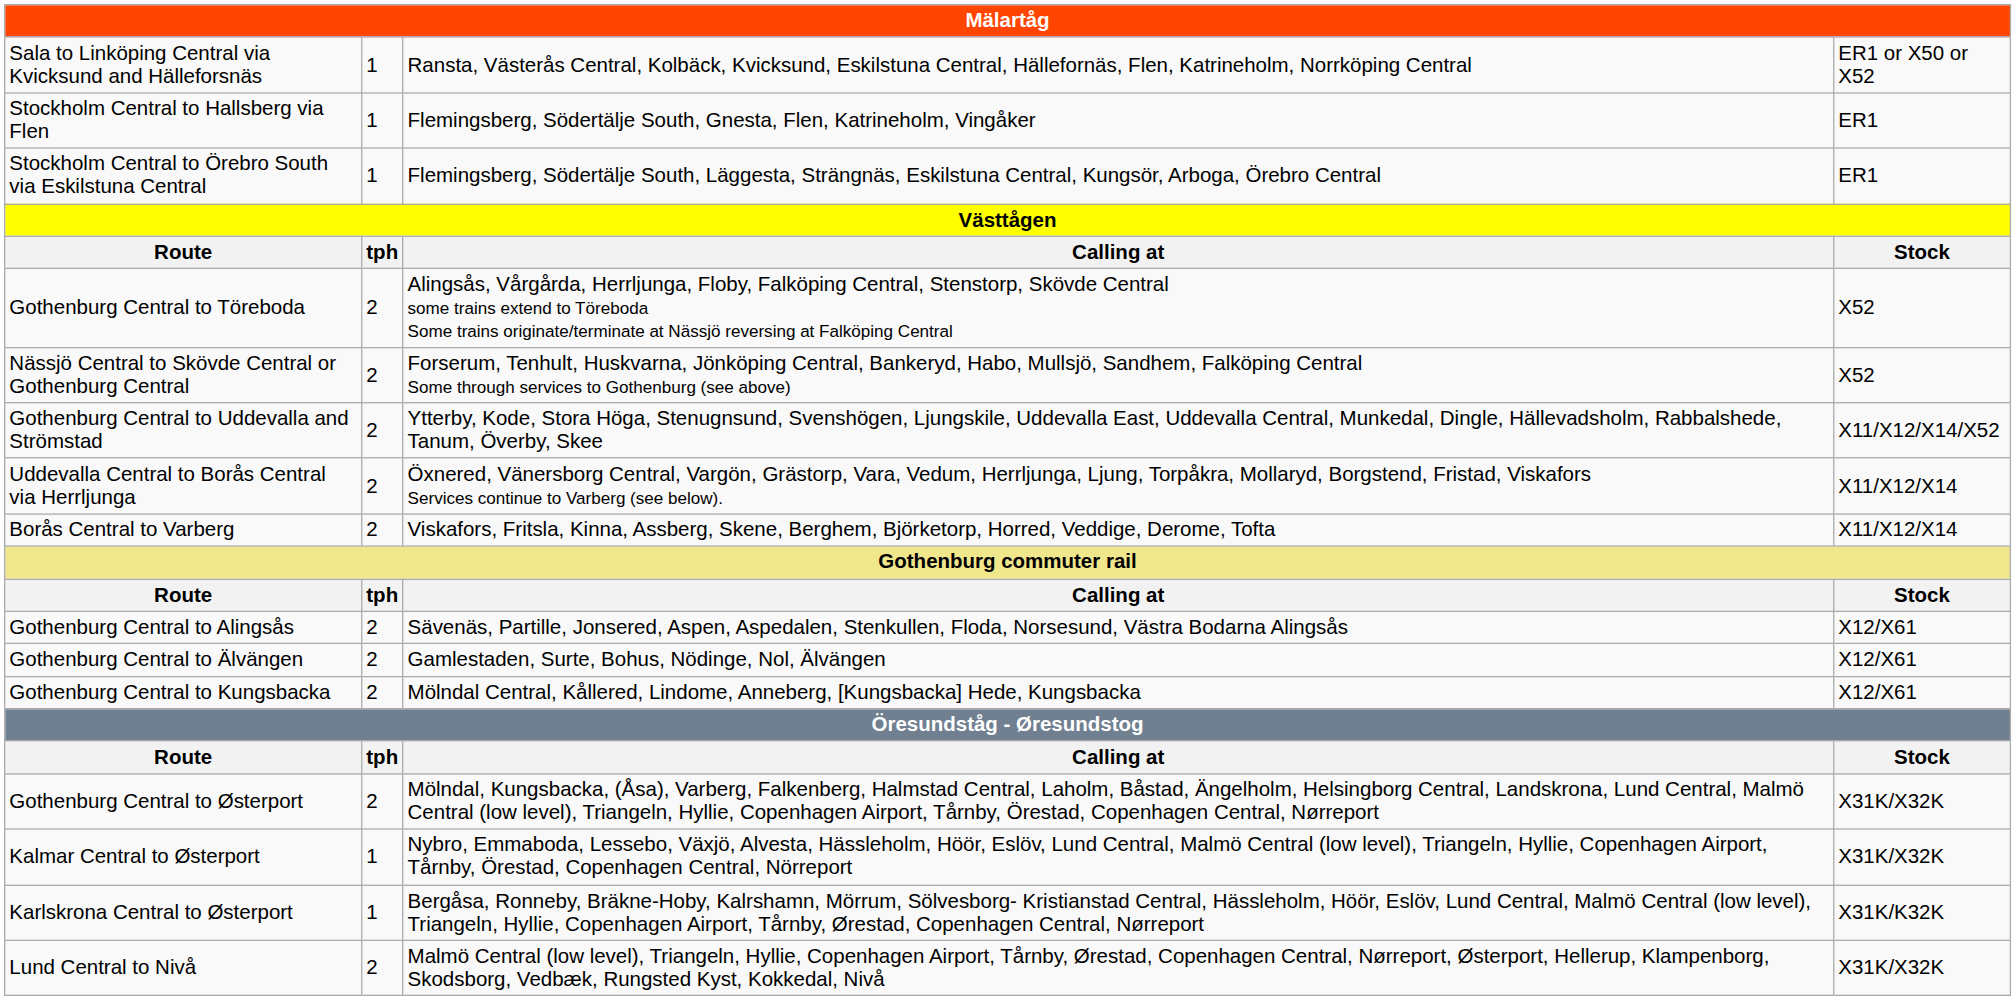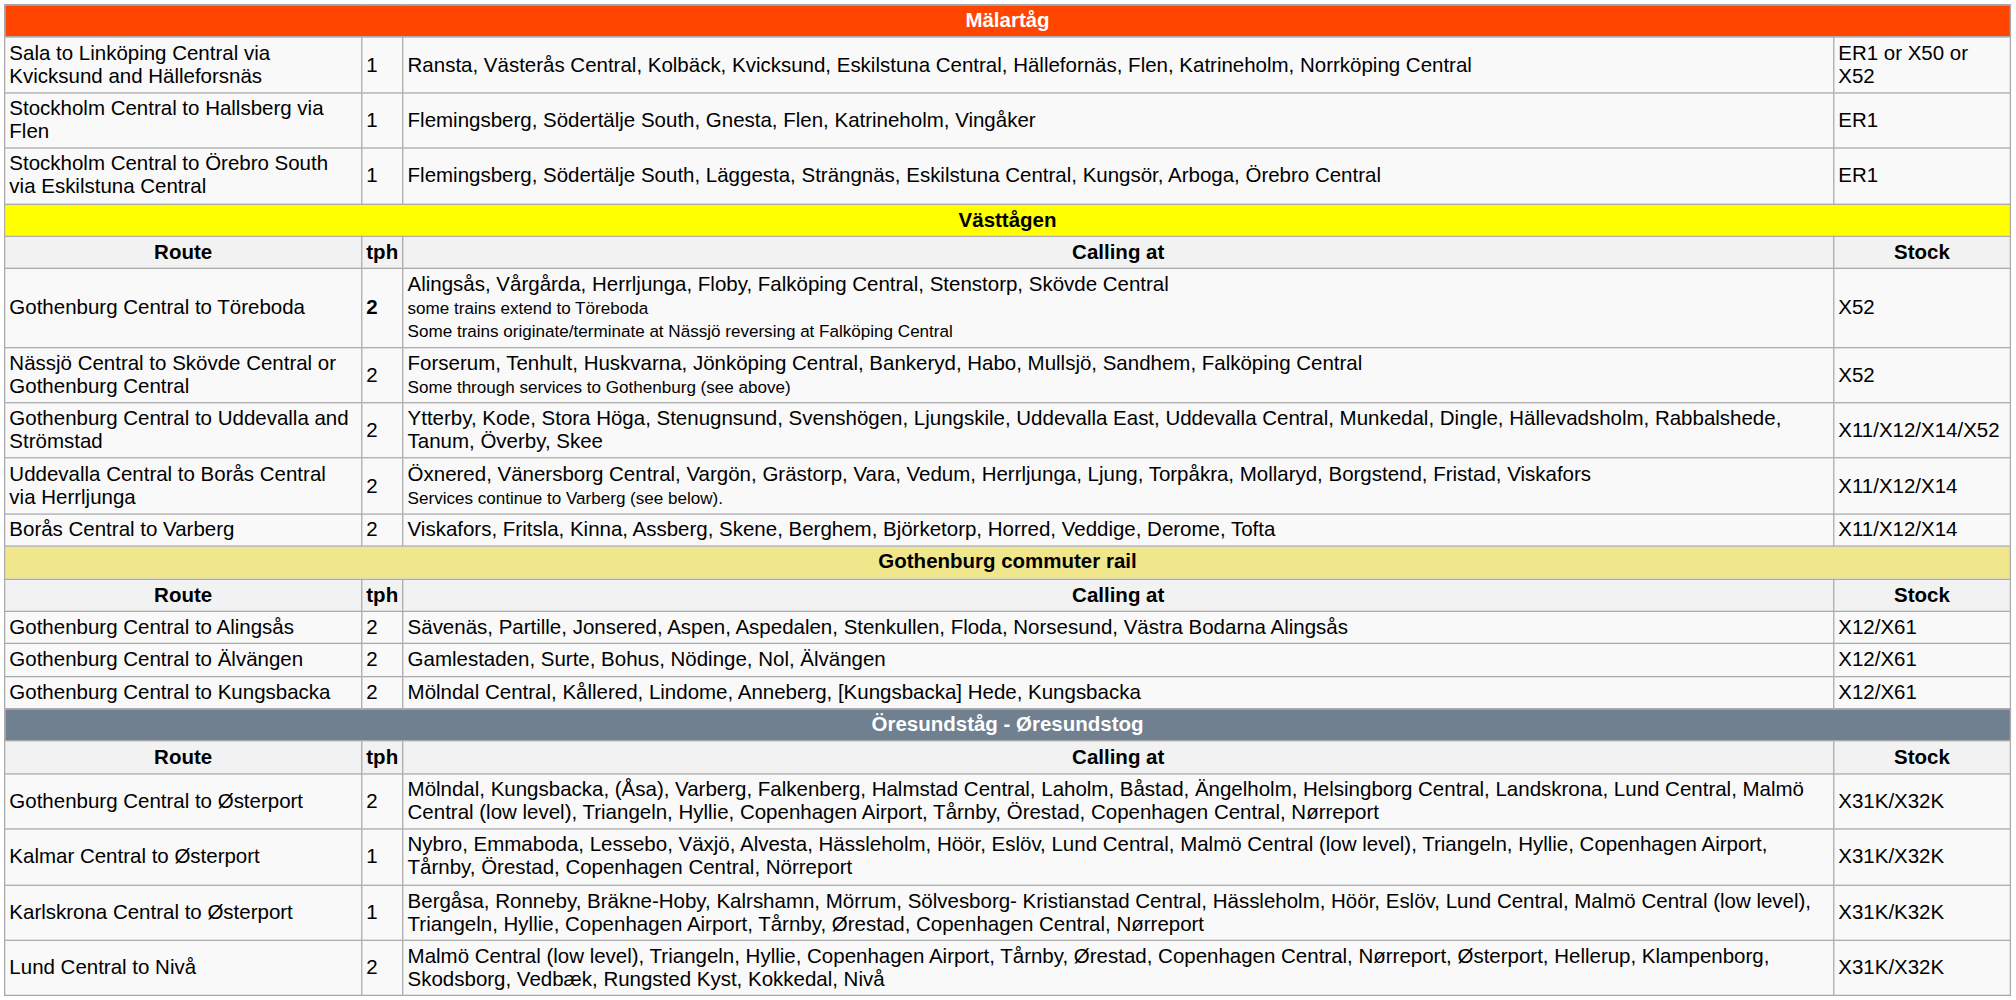 <table class="wikitable">
 <tr>
 <th colspan="5" style="background:OrangeRed; color:White">Mälartåg</th>
 </tr>
 <tr>
 <td>Sala to Linköping Central via Kvicksund and Hälleforsnäs</td>
 <td>1</td>
 <td colspan="2">Ransta, Västerås Central, Kolbäck, Kvicksund, Eskilstuna Central, Hällefornäs, Flen, Katrineholm, Norrköping Central</td>
 <td>ER1 or X50 or X52</td>
 </tr>
 <tr>
 <td>Stockholm Central to Hallsberg via Flen</td>
 <td>1</td>
 <td colspan="2">Flemingsberg, Södertälje South, Gnesta, Flen, Katrineholm, Vingåker</td>
 <td>ER1</td>
 </tr>
 <tr>
 <td>Stockholm Central to Örebro South via Eskilstuna Central</td>
 <td>1</td>
 <td colspan="2">Flemingsberg, Södertälje South, Läggesta, Strängnäs, Eskilstuna Central, Kungsör, Arboga, Örebro Central</td>
 <td>ER1</td>
 </tr>
 <tr>
 <th colspan="5" style="background:Yellow; color:Black">Västtågen</th>
 </tr>
 <tr>
 <th>Route</th>
 <th>tph</th>
 <th colspan="2">Calling at</th>
 <th>Stock</th>
 </tr>
 <tr>
 <td>Gothenburg Central to Töreboda</td>
-<td>2</td>
+<td><strong>2</strong></td>
 <td colspan="2">Alingsås, Vårgårda, Herrljunga, Floby, Falköping Central, Stenstorp, Skövde Central <br><small> some trains extend to Töreboda<br>Some trains originate/terminate at Nässjö reversing at Falköping Central </small></td>
 <td>X52</td>
 </tr>
 <tr>
 <td>Nässjö Central to Skövde Central or Gothenburg Central</td>
 <td>2</td>
 <td colspan="2">Forserum, Tenhult, Huskvarna, Jönköping Central,  Bankeryd, Habo, Mullsjö, Sandhem, Falköping Central <br><small> Some through services to Gothenburg (see above)</small></td>
 <td>X52</td>
 </tr>
 <tr>
 <td>Gothenburg Central to Uddevalla and Strömstad</td>
 <td>2</td>
 <td colspan="2">Ytterby, Kode, Stora Höga, Stenugnsund, Svenshögen, Ljungskile, Uddevalla East, Uddevalla Central, Munkedal, Dingle, Hällevadsholm, Rabbalshede, Tanum, Överby, Skee</td>
 <td>X11/X12/X14/X52</td>
 </tr>
 <tr>
 <td>Uddevalla Central to Borås Central via Herrljunga</td>
 <td>2</td>
 <td colspan="2">Öxnered, Vänersborg Central, Vargön, Grästorp, Vara, Vedum, Herrljunga, Ljung, Torpåkra, Mollaryd, Borgstend, Fristad, Viskafors <br><small>Services continue to Varberg (see below).</small></td>
 <td>X11/X12/X14</td>
 </tr>
 <tr>
 <td>Borås Central to Varberg</td>
 <td>2</td>
 <td colspan="2">Viskafors, Fritsla, Kinna, Assberg, Skene, Berghem, Björketorp, Horred, Veddige, Derome, Tofta</td>
 <td>X11/X12/X14</td>
 </tr>
 <tr>
 <th colspan="5" style="background:Khaki; color:Black">Gothenburg commuter rail</th>
 </tr>
 <tr>
 <th>Route</th>
 <th>tph</th>
 <th colspan="2">Calling at</th>
 <th>Stock</th>
 </tr>
 <tr>
 <td>Gothenburg Central to Alingsås</td>
 <td>2</td>
 <td colspan="2">Sävenäs, Partille, Jonsered, Aspen, Aspedalen, Stenkullen, Floda, Norsesund, Västra Bodarna Alingsås</td>
 <td>X12/X61</td>
 </tr>
 <tr>
 <td>Gothenburg Central to Älvängen</td>
 <td>2</td>
 <td colspan="2">Gamlestaden, Surte, Bohus, Nödinge,  Nol, Älvängen</td>
 <td>X12/X61</td>
 </tr>
 <tr>
 <td>Gothenburg Central to Kungsbacka</td>
 <td>2</td>
 <td colspan="2">Mölndal Central, Kållered, Lindome, Anneberg, [Kungsbacka] Hede, Kungsbacka</td>
 <td>X12/X61</td>
 </tr>
 <tr>
 <th colspan="5" style="background:SlateGrey; color:White">Öresundståg - Øresundstog</th>
 </tr>
 <tr>
 <th>Route</th>
 <th>tph</th>
 <th colspan="2">Calling at</th>
 <th>Stock</th>
 </tr>
 <tr>
 <td>Gothenburg Central to Østerport</td>
 <td>2</td>
 <td colspan="2">Mölndal, Kungsbacka, (Åsa), Varberg, Falkenberg, Halmstad Central, Laholm, Båstad, Ängelholm, Helsingborg Central, Landskrona, Lund Central, Malmö Central (low level), Triangeln, Hyllie, Copenhagen Airport, Tårnby, Örestad, Copenhagen Central, Nørreport</td>
 <td>X31K/X32K</td>
 </tr>
 <tr>
 <td>Kalmar Central to Østerport</td>
 <td>1</td>
 <td colspan="2">Nybro, Emmaboda, Lessebo, Växjö, Alvesta, Hässleholm, Höör, Eslöv, Lund Central, Malmö Central (low level), Triangeln, Hyllie, Copenhagen Airport, Tårnby, Örestad, Copenhagen Central, Nörreport</td>
 <td>X31K/X32K</td>
 </tr>
 <tr>
 <td>Karlskrona Central to Østerport</td>
 <td>1</td>
 <td colspan="2">Bergåsa, Ronneby, Bräkne-Hoby, Kalrshamn, Mörrum, Sölvesborg- Kristianstad Central, Hässleholm, Höör, Eslöv, Lund Central, Malmö Central (low level), Triangeln, Hyllie, Copenhagen Airport, Tårnby, Ørestad, Copenhagen Central, Nørreport</td>
 <td>X31K/K32K</td>
 </tr>
 <tr>
 <td>Lund Central to Nivå</td>
 <td>2</td>
 <td colspan="2">Malmö Central (low level), Triangeln, Hyllie, Copenhagen Airport, Tårnby, Ørestad, Copenhagen Central, Nørreport, Østerport, Hellerup, Klampenborg, Skodsborg, Vedbæk, Rungsted Kyst, Kokkedal, Nivå</td>
 <td>X31K/X32K</td>
 </tr>
 </table>
